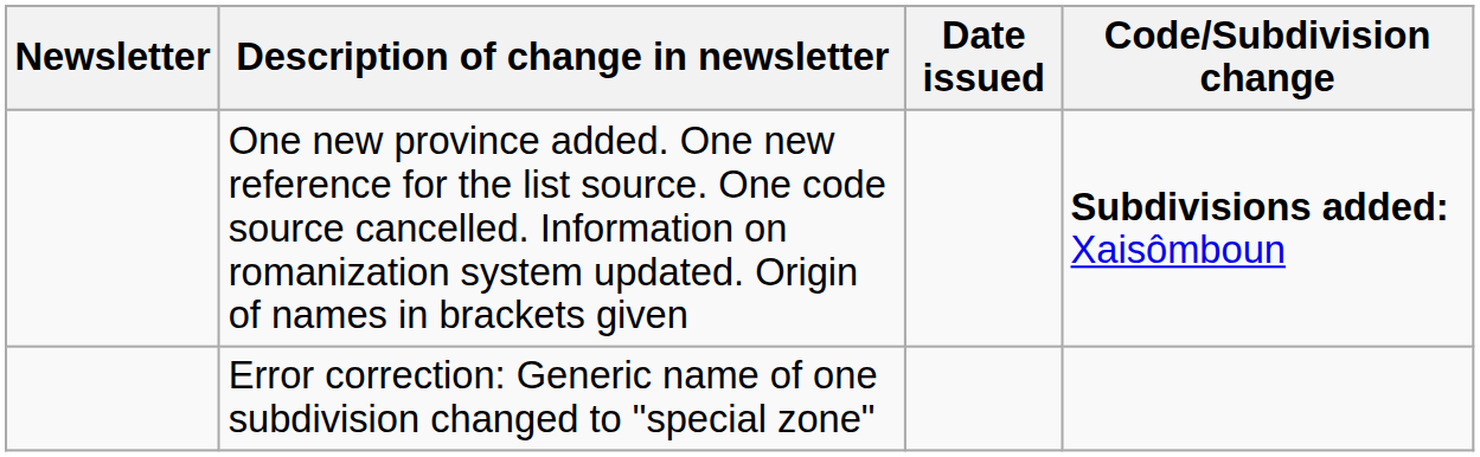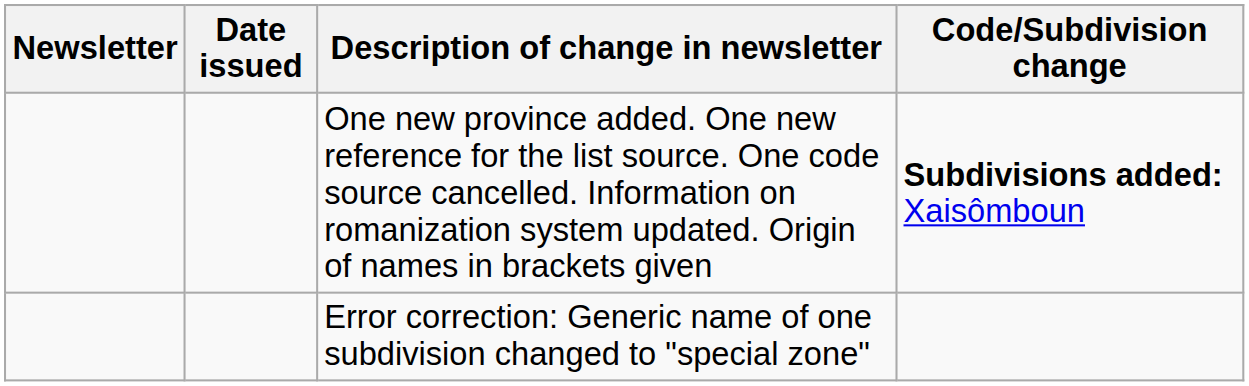 <table class="wikitable">
 <tr>
 <th>Newsletter</th>
+<th>Date issued</th>
 <th>Description of change in newsletter</th>
-<th>Date issued</th>
 <th>Code/Subdivision change</th>
 </tr>
 <tr>
 <td id="I-2"></td>
+<td></td>
 <td>One new province added. One new reference for the list source. One code source cancelled. Information on romanization system updated. Origin of names in brackets given</td>
-<td></td>
 <td style=white-space:nowrap><strong>Subdivisions added:</strong><br>  <a href='#'>Xaisômboun</a></td>
 </tr>
 <tr>
 <td id="I-4"></td>
+<td></td>
 <td>Error correction: Generic name of one subdivision changed to "special zone"</td>
-<td></td>
 <td></td>
 </tr>
 </table>
